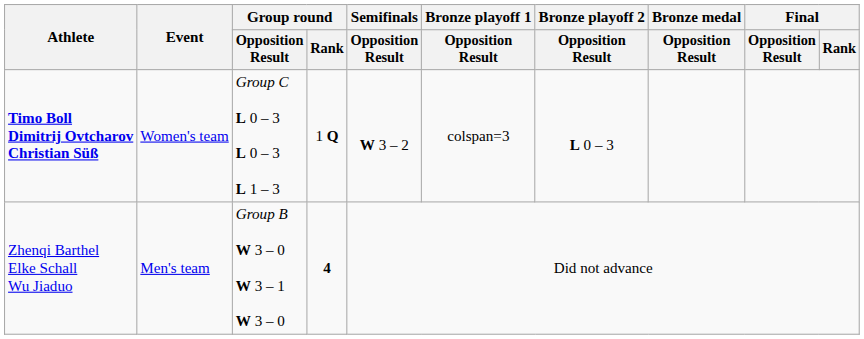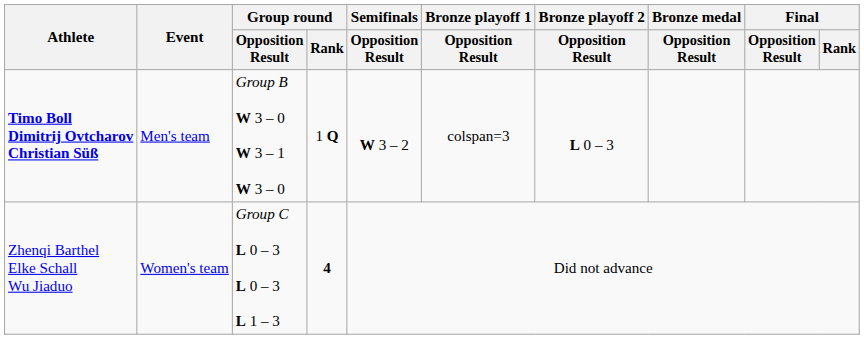 <table class="wikitable" style="font-size:90%">
 <tr>
 <th rowspan="2">Athlete</th>
 <th rowspan="2">Event</th>
 <th colspan="2">Group round</th>
 <th>Semifinals</th>
 <th>Bronze playoff 1</th>
 <th>Bronze playoff 2</th>
 <th>Bronze medal</th>
 <th colspan=2>Final</th>
 </tr>
 <tr style="font-size:95%">
 <th>Opposition<br>Result</th>
 <th>Rank</th>
 <th>Opposition<br>Result</th>
 <th>Opposition<br>Result</th>
 <th>Opposition<br>Result</th>
 <th>Opposition<br>Result</th>
 <th>Opposition<br>Result</th>
 <th>Rank</th>
 </tr>
 <tr align=center>
 <td align=left><strong><a href='#'>Timo Boll</a><br><a href='#'>Dimitrij Ovtcharov</a><br><a href='#'>Christian Süß</a></strong></td>
-<td align=left><a href='#'>Women's team</a></td>
-<td align=left><em>Group C</em><br><br><strong>L</strong> 0 – 3<br><br><strong>L</strong> 0 – 3<br><br><strong>L</strong> 1 – 3</td>
+<td align=left><a href='#'>Men's team</a></td>
+<td align=left><em>Group B</em><br><br><strong>W</strong> 3 – 0<br><br><strong>W</strong> 3 – 1<br><br><strong>W</strong> 3 – 0</td>
 <td>1 <strong>Q</strong></td>
 <td><br><strong>W</strong> 3 – 2</td>
 <td>colspan=3 </td>
 <td><br><strong>L</strong> 0 – 3</td>
 <td></td>
 </tr>
 <tr align=center>
 <td align=left><a href='#'>Zhenqi Barthel</a><br><a href='#'>Elke Schall</a><br><a href='#'>Wu Jiaduo</a></td>
-<td align=left><a href='#'>Men's team</a></td>
-<td align=left><em>Group B</em><br><br><strong>W</strong> 3 – 0<br><br><strong>W</strong> 3 – 1<br><br><strong>W</strong> 3 – 0</td>
+<td align=left><a href='#'>Women's team</a></td>
+<td align=left><em>Group C</em><br><br><strong>L</strong> 0 – 3<br><br><strong>L</strong> 0 – 3<br><br><strong>L</strong> 1 – 3</td>
 <td><strong>4</strong></td>
 <td colspan=6>Did not advance</td>
 </tr>
 </table>
